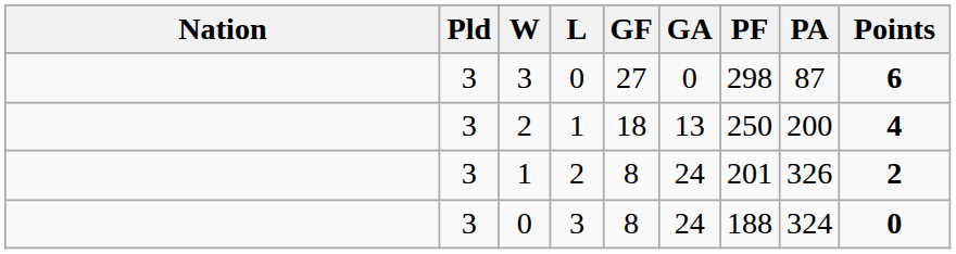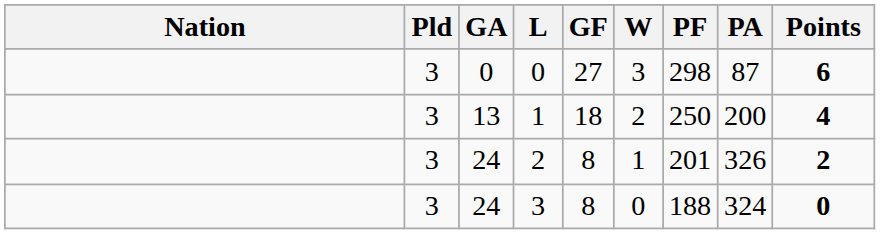 <table class=wikitable style="text-align:center">
 <tr>
 <th width=220>Nation</th>
 <th width=20>Pld</th>
-<th width=20>W</th>
+<th width=20>GA</th>
 <th width=20>L</th>
 <th width=20>GF</th>
-<th width=20>GA</th>
+<th width=20>W</th>
 <th width=20>PF</th>
 <th width=20>PA</th>
 <th width=50>Points</th>
 </tr>
 <tr>
 <td align=left></td>
 <td>3</td>
-<td>3</td>
+<td>0</td>
 <td>0</td>
 <td>27</td>
-<td>0</td>
+<td>3</td>
 <td>298</td>
 <td>87</td>
 <td><strong>6</strong></td>
 </tr>
 <tr>
 <td align=left></td>
 <td>3</td>
-<td>2</td>
+<td>13</td>
 <td>1</td>
 <td>18</td>
-<td>13</td>
+<td>2</td>
 <td>250</td>
 <td>200</td>
 <td><strong>4</strong></td>
 </tr>
 <tr>
 <td align=left></td>
 <td>3</td>
-<td>1</td>
+<td>24</td>
 <td>2</td>
 <td>8</td>
-<td>24</td>
+<td>1</td>
 <td>201</td>
 <td>326</td>
 <td><strong>2</strong></td>
 </tr>
 <tr>
 <td align=left></td>
 <td>3</td>
-<td>0</td>
+<td>24</td>
 <td>3</td>
 <td>8</td>
-<td>24</td>
+<td>0</td>
 <td>188</td>
 <td>324</td>
 <td><strong>0</strong></td>
 </tr>
 </table>
